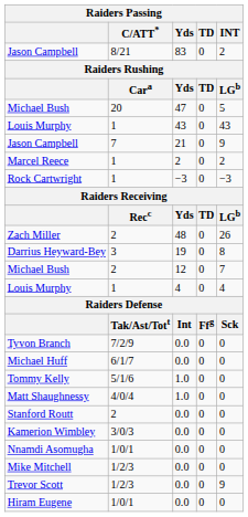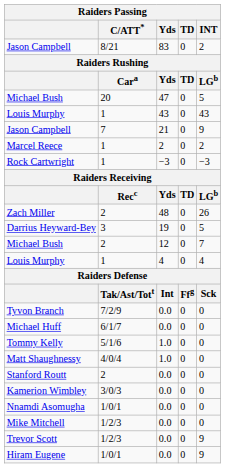 <table class="wikitable">
 <tr>
 <th colspan="5">Raiders Passing</th>
 </tr>
 <tr>
 <th></th>
 <th>C/ATT<sup>*</sup></th>
 <th>Yds</th>
 <th>TD</th>
 <th>INT</th>
 </tr>
 <tr>
 <td><a href='#'>Jason Campbell</a></td>
 <td>8/21</td>
 <td>83</td>
 <td>0</td>
 <td>2</td>
 </tr>
 <tr>
 <th colspan="5">Raiders Rushing</th>
 </tr>
 <tr>
 <th></th>
 <th>Car<sup>a</sup></th>
 <th>Yds</th>
 <th>TD</th>
 <th>LG<sup>b</sup></th>
 </tr>
 <tr>
 <td><a href='#'>Michael Bush</a></td>
 <td>20</td>
 <td>47</td>
 <td>0</td>
 <td>5</td>
 </tr>
 <tr>
 <td><a href='#'>Louis Murphy</a></td>
 <td>1</td>
 <td>43</td>
 <td>0</td>
 <td>43</td>
 </tr>
 <tr>
 <td><a href='#'>Jason Campbell</a></td>
 <td>7</td>
 <td>21</td>
 <td>0</td>
 <td>9</td>
 </tr>
 <tr>
 <td><a href='#'>Marcel Reece</a></td>
 <td>1</td>
 <td>2</td>
 <td>0</td>
 <td>2</td>
 </tr>
 <tr>
 <td><a href='#'>Rock Cartwright</a></td>
 <td>1</td>
 <td>−3</td>
 <td>0</td>
 <td>−3</td>
 </tr>
 <tr>
 <th colspan="5">Raiders Receiving</th>
 </tr>
 <tr>
 <th></th>
 <th>Rec<sup>c</sup></th>
 <th>Yds</th>
 <th>TD</th>
 <th>LG<sup>b</sup></th>
 </tr>
 <tr>
 <td><a href='#'>Zach Miller</a></td>
 <td>2</td>
 <td>48</td>
 <td>0</td>
 <td>26</td>
 </tr>
 <tr>
 <td><a href='#'>Darrius Heyward-Bey</a></td>
 <td>3</td>
 <td>19</td>
 <td>0</td>
-<td>8</td>
+<td>5</td>
 </tr>
 <tr>
 <td><a href='#'>Michael Bush</a></td>
 <td>2</td>
 <td>12</td>
 <td>0</td>
 <td>7</td>
 </tr>
 <tr>
 <td><a href='#'>Louis Murphy</a></td>
 <td>1</td>
 <td>4</td>
 <td>0</td>
 <td>4</td>
 </tr>
 <tr>
 <th colspan="5">Raiders Defense</th>
 </tr>
 <tr>
 <th></th>
 <th>Tak/Ast/Tot<sup>t</sup></th>
 <th>Int</th>
 <th>Ff<sup>g</sup></th>
 <th>Sck</th>
 </tr>
 <tr>
 <td><a href='#'>Tyvon Branch</a></td>
 <td>7/2/9</td>
 <td>0.0</td>
 <td>0</td>
 <td>0</td>
 </tr>
 <tr>
 <td><a href='#'>Michael Huff</a></td>
 <td>6/1/7</td>
 <td>0.0</td>
 <td>0</td>
 <td>0</td>
 </tr>
 <tr>
 <td><a href='#'>Tommy Kelly</a></td>
 <td>5/1/6</td>
 <td>1.0</td>
 <td>0</td>
 <td>0</td>
 </tr>
 <tr>
 <td><a href='#'>Matt Shaughnessy</a></td>
 <td>4/0/4</td>
 <td>1.0</td>
 <td>0</td>
 <td>0</td>
 </tr>
 <tr>
 <td><a href='#'>Stanford Routt</a></td>
 <td>2</td>
 <td>0.0</td>
 <td>0</td>
 <td>0</td>
 </tr>
 <tr>
 <td><a href='#'>Kamerion Wimbley</a></td>
 <td>3/0/3</td>
 <td>0.0</td>
 <td>0</td>
 <td>0</td>
 </tr>
 <tr>
 <td><a href='#'>Nnamdi Asomugha</a></td>
 <td>1/0/1</td>
 <td>0.0</td>
 <td>0</td>
 <td>0</td>
 </tr>
 <tr>
 <td><a href='#'>Mike Mitchell</a></td>
 <td>1/2/3</td>
 <td>0.0</td>
 <td>0</td>
 <td>0</td>
 </tr>
 <tr>
 <td><a href='#'>Trevor Scott</a></td>
 <td>1/2/3</td>
 <td>0.0</td>
 <td>0</td>
 <td>9</td>
 </tr>
 <tr>
 <td><a href='#'>Hiram Eugene</a></td>
 <td>1/0/1</td>
 <td>0.0</td>
 <td>0</td>
-<td>0</td>
+<td>9</td>
 </tr>
 </table>
